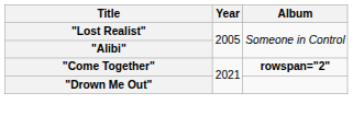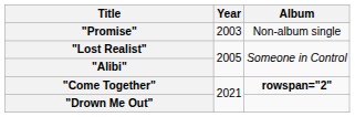 <table class="wikitable plainrowheaders" style="text-align:center;">
 <tr>
 <th scope="col" style="width:18em;">Title</th>
 <th scope="col">Year</th>
 <th scope="col">Album</th>
+</tr>
+<tr>
+<th scope="row">"Promise"</th>
+<td>2003</td>
+<td>Non-album single</td>
 </tr>
 <tr>
 <th scope="row">"Lost Realist"</th>
 <td rowspan="2">2005</td>
 <td rowspan="2"><em>Someone in Control</em></td>
 </tr>
 <tr>
 <th scope="row">"Alibi"</th>
 </tr>
 <tr>
 <th scope="row">"Come Together"<br></th>
 <td rowspan="2">2021</td>
 <td><strong>rowspan="2" </strong></td>
 </tr>
 <tr>
 <th scope="row">"Drown Me Out"<br></th>
 </tr>
 </table>
